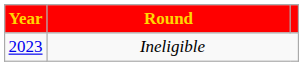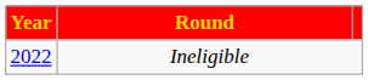 <table class="wikitable" style="text-align: center; font-size:90%">
 <tr style="color:gold;">
 <th style="background:#FF0000;">Year</th>
 <th style="background:#FF0000; width:200px">Round</th>
 <th style="background:#FF0000;"></th>
 </tr>
 <tr>
-<td><a href='#'>2023</a></td>
+<td><a href='#'>2022</a></td>
 <td colspan="2"><em>Ineligible</em></td>
 </tr>
 </table>
